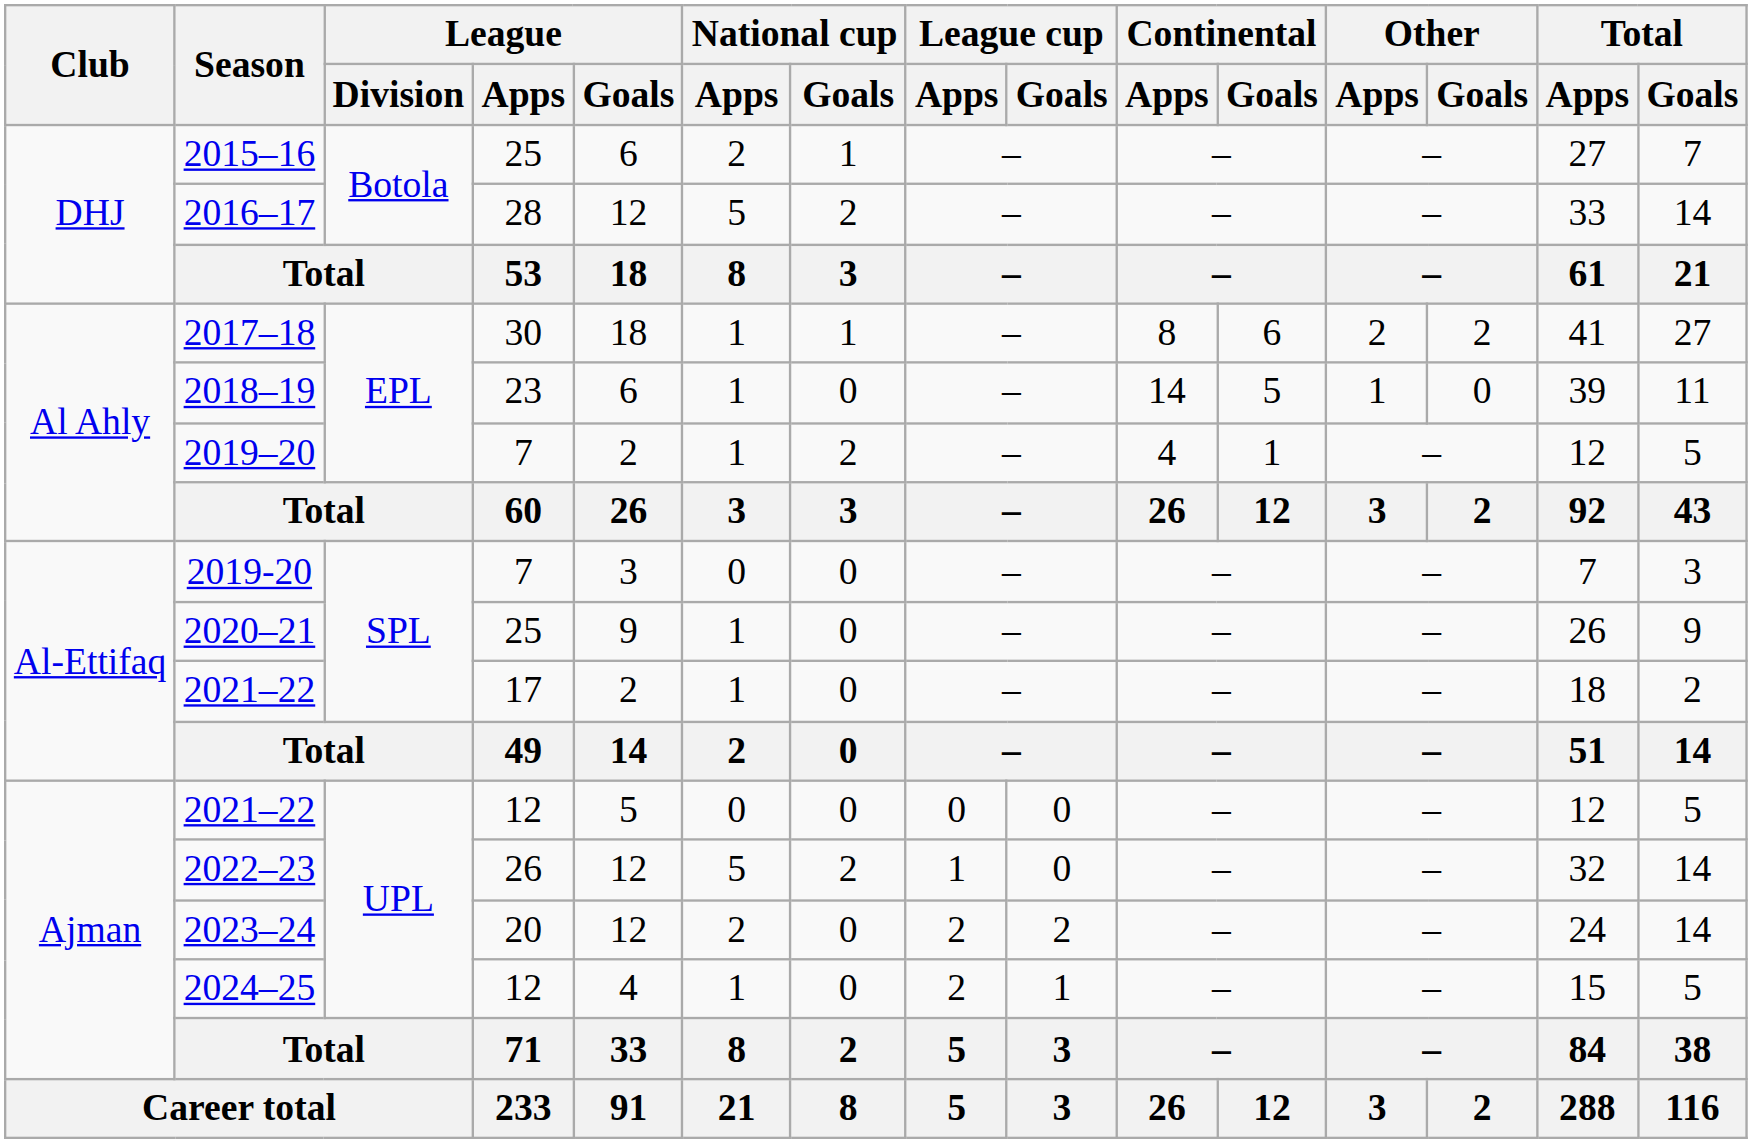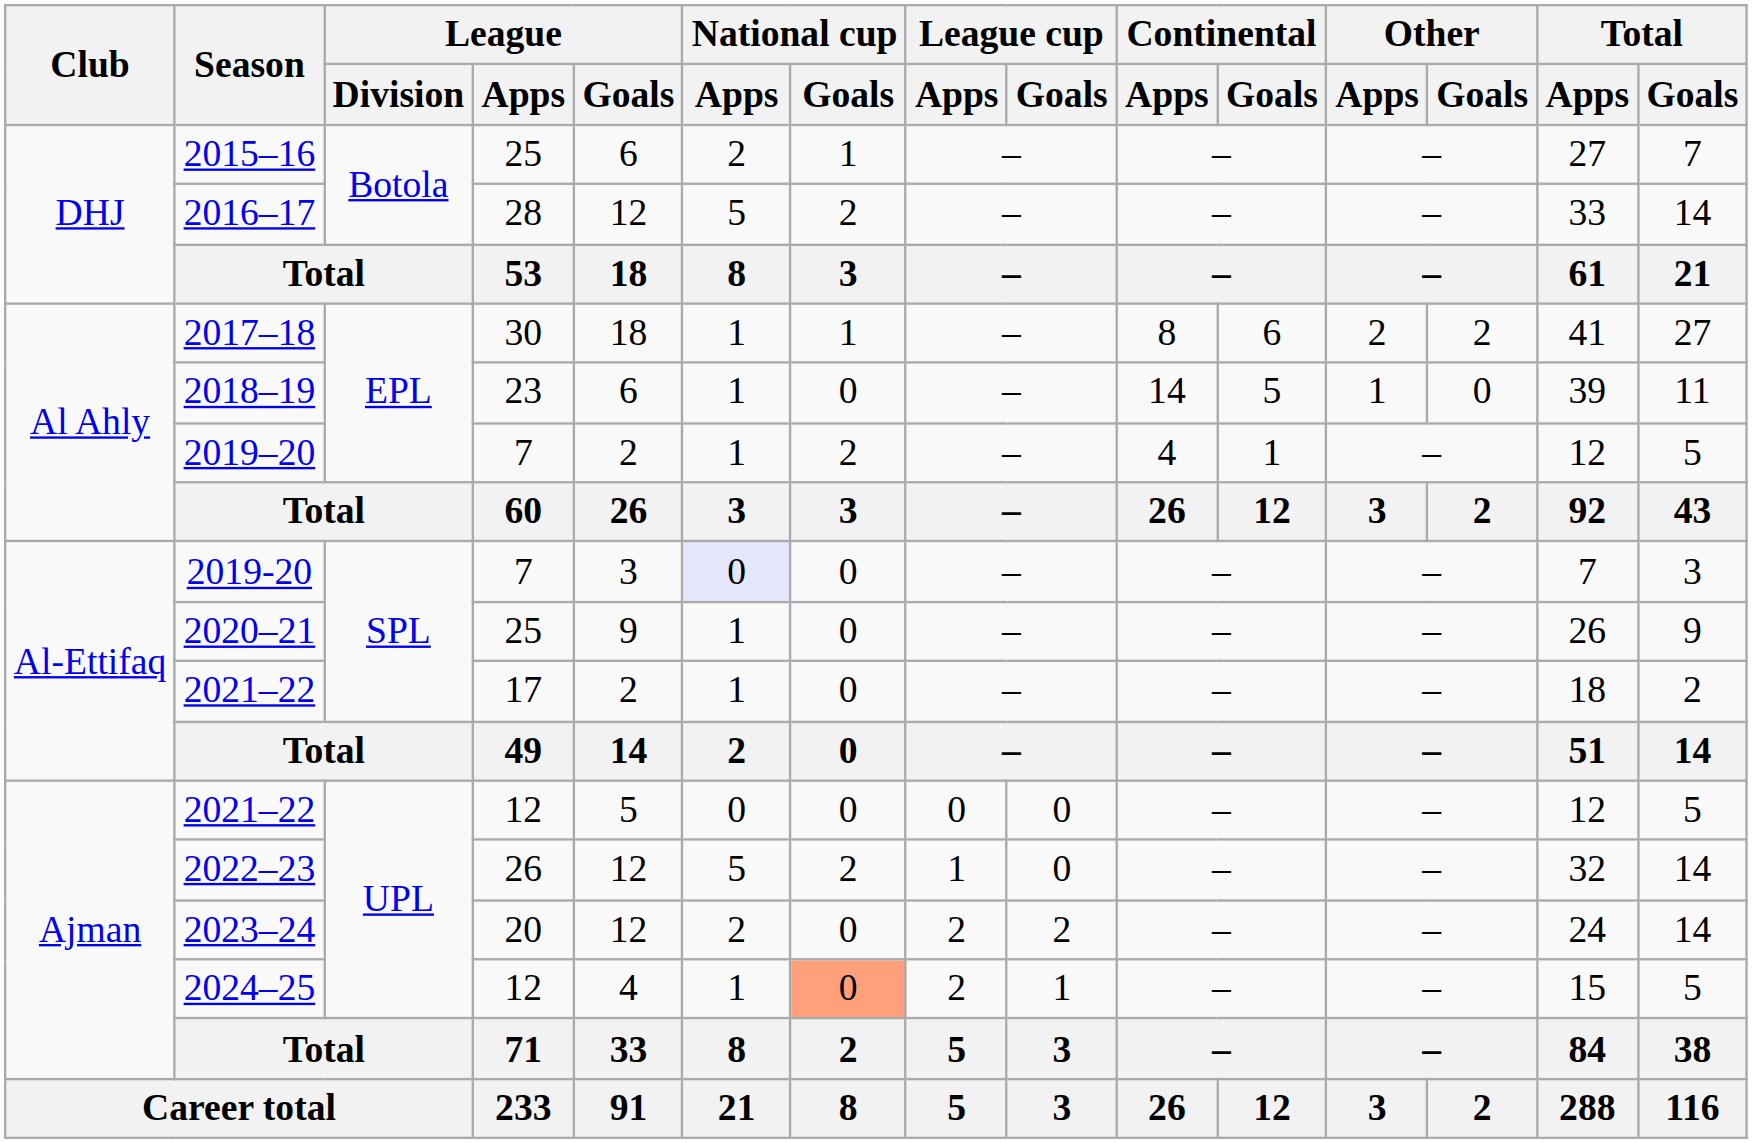 <table class="wikitable" style="text-align: center;">
 <tr>
 <th rowspan="2">Club</th>
 <th rowspan="2">Season</th>
 <th colspan="3">League</th>
 <th colspan="2">National cup</th>
 <th colspan="2">League cup</th>
 <th colspan="2">Continental</th>
 <th colspan="2">Other</th>
 <th colspan="2">Total</th>
 </tr>
 <tr>
 <th>Division</th>
 <th>Apps</th>
 <th>Goals</th>
 <th>Apps</th>
 <th>Goals</th>
 <th>Apps</th>
 <th>Goals</th>
 <th>Apps</th>
 <th>Goals</th>
 <th>Apps</th>
 <th>Goals</th>
 <th>Apps</th>
 <th>Goals</th>
 </tr>
 <tr>
 <td rowspan="3"><a href='#'>DHJ</a></td>
 <td><a href='#'>2015–16</a></td>
 <td rowspan="2"><a href='#'>Botola</a></td>
 <td>25</td>
 <td>6</td>
 <td>2</td>
 <td>1</td>
 <td colspan="2">–</td>
 <td colspan="2">–</td>
 <td colspan="2">–</td>
 <td>27</td>
 <td>7</td>
 </tr>
 <tr>
 <td><a href='#'>2016–17</a></td>
 <td>28</td>
 <td>12</td>
 <td>5</td>
 <td>2</td>
 <td colspan="2">–</td>
 <td colspan="2">–</td>
 <td colspan="2">–</td>
 <td>33</td>
 <td>14</td>
 </tr>
 <tr>
 <th colspan="2">Total</th>
 <th>53</th>
 <th>18</th>
 <th>8</th>
 <th>3</th>
 <th colspan="2">–</th>
 <th colspan="2">–</th>
 <th colspan="2">–</th>
 <th>61</th>
 <th>21</th>
 </tr>
 <tr>
 <td rowspan="4"><a href='#'>Al Ahly</a></td>
 <td><a href='#'>2017–18</a></td>
 <td rowspan="3"><a href='#'>EPL</a></td>
 <td>30</td>
 <td>18</td>
 <td>1</td>
 <td>1</td>
 <td colspan="2">–</td>
 <td>8</td>
 <td>6</td>
 <td>2</td>
 <td>2</td>
 <td>41</td>
 <td>27</td>
 </tr>
 <tr>
 <td><a href='#'>2018–19</a></td>
 <td>23</td>
 <td>6</td>
 <td>1</td>
 <td>0</td>
 <td colspan="2">–</td>
 <td>14</td>
 <td>5</td>
 <td>1</td>
 <td>0</td>
 <td>39</td>
 <td>11</td>
 </tr>
 <tr>
 <td><a href='#'>2019–20</a></td>
 <td>7</td>
 <td>2</td>
 <td>1</td>
 <td>2</td>
 <td colspan="2">–</td>
 <td>4</td>
 <td>1</td>
 <td colspan="2">–</td>
 <td>12</td>
 <td>5</td>
 </tr>
 <tr>
 <th colspan="2">Total</th>
 <th>60</th>
 <th>26</th>
 <th>3</th>
 <th>3</th>
 <th colspan="2">–</th>
 <th>26</th>
 <th>12</th>
 <th>3</th>
 <th>2</th>
 <th>92</th>
 <th>43</th>
 </tr>
 <tr>
 <td rowspan="4"><a href='#'>Al-Ettifaq</a></td>
 <td><a href='#'>2019-20</a></td>
 <td rowspan="3"><a href='#'>SPL</a></td>
 <td>7</td>
 <td>3</td>
-<td>0</td>
+<td style="background: lavender;">0</td>
 <td>0</td>
 <td colspan="2">–</td>
 <td colspan="2">–</td>
 <td colspan="2">–</td>
 <td>7</td>
 <td>3</td>
 </tr>
 <tr>
 <td><a href='#'>2020–21</a></td>
 <td>25</td>
 <td>9</td>
 <td>1</td>
 <td>0</td>
 <td colspan="2">–</td>
 <td colspan="2">–</td>
 <td colspan="2">–</td>
 <td>26</td>
 <td>9</td>
 </tr>
 <tr>
 <td><a href='#'>2021–22</a></td>
 <td>17</td>
 <td>2</td>
 <td>1</td>
 <td>0</td>
 <td colspan="2">–</td>
 <td colspan="2">–</td>
 <td colspan="2">–</td>
 <td>18</td>
 <td>2</td>
 </tr>
 <tr>
 <th colspan="2">Total</th>
 <th>49</th>
 <th>14</th>
 <th>2</th>
 <th>0</th>
 <th colspan="2">–</th>
 <th colspan="2">–</th>
 <th colspan="2">–</th>
 <th>51</th>
 <th>14</th>
 </tr>
 <tr>
 <td rowspan="5"><a href='#'>Ajman</a></td>
 <td><a href='#'>2021–22</a></td>
 <td rowspan="4"><a href='#'>UPL</a></td>
 <td>12</td>
 <td>5</td>
 <td>0</td>
 <td>0</td>
 <td>0</td>
 <td>0</td>
 <td colspan="2">–</td>
 <td colspan="2">–</td>
 <td>12</td>
 <td>5</td>
 </tr>
 <tr>
 <td><a href='#'>2022–23</a></td>
 <td>26</td>
 <td>12</td>
 <td>5</td>
 <td>2</td>
 <td>1</td>
 <td>0</td>
 <td colspan="2">–</td>
 <td colspan="2">–</td>
 <td>32</td>
 <td>14</td>
 </tr>
 <tr>
 <td><a href='#'>2023–24</a></td>
 <td>20</td>
 <td>12</td>
 <td>2</td>
 <td>0</td>
 <td>2</td>
 <td>2</td>
 <td colspan="2">–</td>
 <td colspan="2">–</td>
 <td>24</td>
 <td>14</td>
 </tr>
 <tr>
 <td><a href='#'>2024–25</a></td>
 <td>12</td>
 <td>4</td>
 <td>1</td>
-<td>0</td>
+<td style="background: lightsalmon;">0</td>
 <td>2</td>
 <td>1</td>
 <td colspan="2">–</td>
 <td colspan="2">–</td>
 <td>15</td>
 <td>5</td>
 </tr>
 <tr>
 <th colspan="2">Total</th>
 <th>71</th>
 <th>33</th>
 <th>8</th>
 <th>2</th>
 <th>5</th>
 <th>3</th>
 <th colspan="2">–</th>
 <th colspan="2">–</th>
 <th>84</th>
 <th>38</th>
 </tr>
 <tr>
 <th colspan="3">Career total</th>
 <th>233</th>
 <th>91</th>
 <th>21</th>
 <th>8</th>
 <th>5</th>
 <th>3</th>
 <th>26</th>
 <th>12</th>
 <th>3</th>
 <th>2</th>
 <th>288</th>
 <th>116</th>
 </tr>
 </table>
